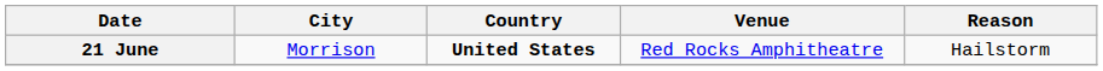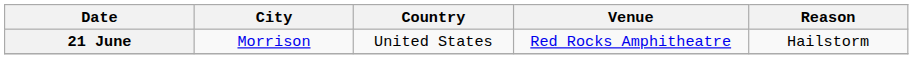 <table class="wikitable plainrowheaders" style="text-align:center;">
 <tr>
 <th scope="col" style="width:12em;">Date</th>
 <th scope="col" style="width:10em;">City</th>
 <th scope="col" style="width:10em;">Country</th>
 <th scope="col" style="width:15em;">Venue</th>
 <th scope="col" style="width:10em;">Reason</th>
 </tr>
 <tr>
 <th scope="row" style="text-align:center;">21 June</th>
 <td><a href='#'>Morrison</a></td>
-<td><strong>United States</strong></td>
+<td>United States</td>
 <td><a href='#'>Red Rocks Amphitheatre</a></td>
 <td>Hailstorm</td>
 </tr>
 <tr>
 </tr>
 </table>
